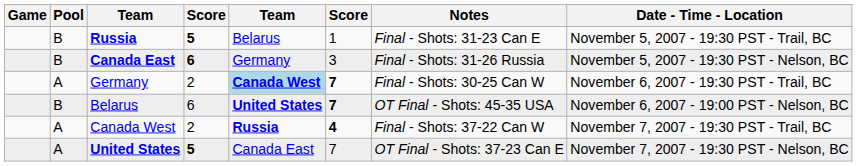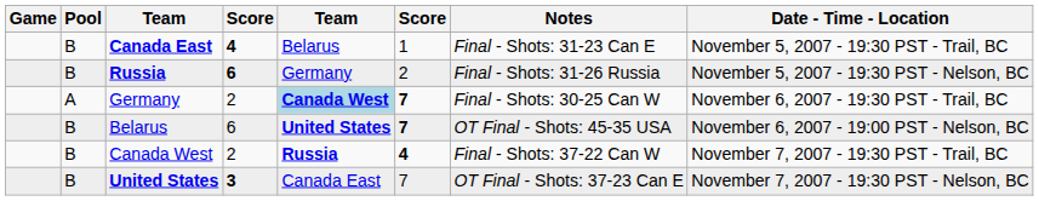 <table class="wikitable">
 <tr>
 <th>Game</th>
 <th>Pool</th>
 <th>Team</th>
 <th>Score</th>
 <th>Team</th>
 <th>Score</th>
 <th>Notes</th>
 <th>Date - Time - Location</th>
 </tr>
 <tr>
 <td></td>
 <td>B</td>
-<td><strong><a href='#'>Russia</a></strong></td>
-<td><strong>5</strong></td>
+<td><strong><a href='#'>Canada East</a></strong></td>
+<td><strong>4</strong></td>
 <td><a href='#'>Belarus</a></td>
 <td>1</td>
 <td><em>Final</em> - Shots: 31-23 Can E</td>
 <td>November 5, 2007 - 19:30 PST - Trail, BC</td>
 </tr>
 <tr style="background:#eee">
 <td></td>
 <td>B</td>
-<td><strong><a href='#'>Canada East</a></strong></td>
+<td><strong><a href='#'>Russia</a></strong></td>
 <td><strong>6</strong></td>
 <td><a href='#'>Germany</a></td>
-<td>3</td>
+<td>2</td>
 <td><em>Final</em> - Shots: 31-26 Russia</td>
 <td>November 5, 2007 - 19:30 PST - Nelson, BC</td>
 </tr>
 <tr>
 <td></td>
 <td>A</td>
 <td><a href='#'>Germany</a></td>
 <td>2</td>
 <td style="background: lightblue;"><strong><a href='#'>Canada West</a></strong></td>
 <td><strong>7</strong></td>
 <td><em>Final</em> - Shots: 30-25 Can W</td>
 <td>November 6, 2007 - 19:30 PST - Trail, BC</td>
 </tr>
 <tr style="background:#eee">
 <td></td>
 <td>B</td>
 <td><a href='#'>Belarus</a></td>
 <td>6</td>
 <td><strong><a href='#'>United States</a></strong></td>
 <td><strong>7</strong></td>
 <td><em>OT Final</em> - Shots: 45-35 USA</td>
 <td>November 6, 2007 - 19:00 PST - Nelson, BC</td>
 </tr>
 <tr>
 <td></td>
-<td>A</td>
+<td>B</td>
 <td><a href='#'>Canada West</a></td>
 <td>2</td>
 <td><strong><a href='#'>Russia</a></strong></td>
 <td><strong>4</strong></td>
 <td><em>Final</em> - Shots: 37-22 Can W</td>
 <td>November 7, 2007 - 19:30 PST - Trail, BC</td>
 </tr>
 <tr style="background:#eee">
 <td></td>
-<td>A</td>
+<td>B</td>
 <td><strong><a href='#'>United States</a></strong></td>
-<td><strong>5</strong></td>
+<td><strong>3</strong></td>
 <td><a href='#'>Canada East</a></td>
 <td>7</td>
 <td><em>OT Final</em> - Shots: 37-23 Can E</td>
 <td>November 7, 2007 - 19:30 PST - Nelson, BC</td>
 </tr>
 </table>
